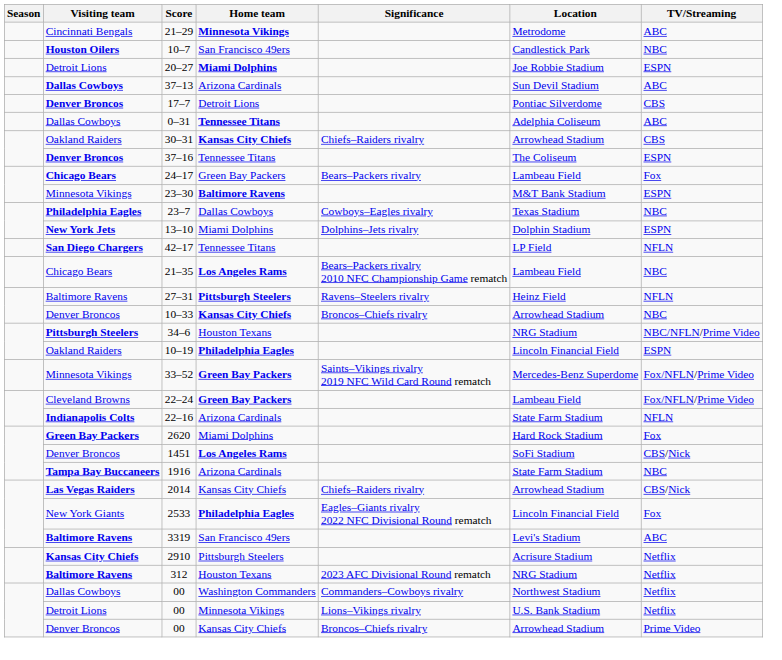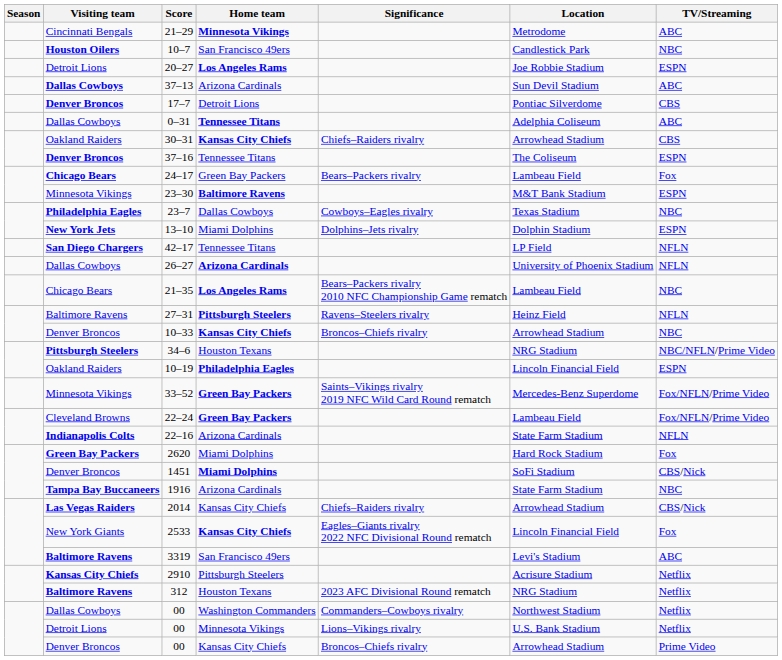 <table class="wikitable">
 <tr>
 <th>Season</th>
 <th>Visiting team</th>
 <th>Score</th>
 <th>Home team</th>
 <th>Significance</th>
 <th>Location</th>
 <th>TV/Streaming</th>
 </tr>
 <tr>
 <td align="center"></td>
 <td><a href='#'>Cincinnati Bengals</a></td>
 <td align="center">21–29</td>
 <td><strong><a href='#'>Minnesota Vikings</a></strong></td>
 <td></td>
 <td><a href='#'>Metrodome</a></td>
 <td><a href='#'>ABC</a></td>
 </tr>
 <tr>
 <td align="center"></td>
 <td><strong><a href='#'>Houston Oilers</a></strong></td>
 <td align="center">10–7</td>
 <td><a href='#'>San Francisco 49ers</a></td>
 <td></td>
 <td><a href='#'>Candlestick Park</a></td>
 <td><a href='#'>NBC</a></td>
 </tr>
 <tr>
 <td align="center"></td>
 <td><a href='#'>Detroit Lions</a></td>
 <td align="center">20–27</td>
-<td><strong><a href='#'>Miami Dolphins</a></strong></td>
+<td><strong><a href='#'>Los Angeles Rams</a></strong></td>
 <td></td>
 <td><a href='#'>Joe Robbie Stadium</a></td>
 <td><a href='#'>ESPN</a></td>
 </tr>
 <tr>
 <td align="center"></td>
 <td><strong><a href='#'>Dallas Cowboys</a></strong></td>
 <td align="center">37–13</td>
 <td><a href='#'>Arizona Cardinals</a></td>
 <td></td>
 <td><a href='#'>Sun Devil Stadium</a></td>
 <td><a href='#'>ABC</a></td>
 </tr>
 <tr>
 <td align="center"></td>
 <td><strong><a href='#'>Denver Broncos</a></strong></td>
 <td align="center">17–7</td>
 <td><a href='#'>Detroit Lions</a></td>
 <td></td>
 <td><a href='#'>Pontiac Silverdome</a></td>
 <td><a href='#'>CBS</a></td>
 </tr>
 <tr>
 <td align="center"></td>
 <td><a href='#'>Dallas Cowboys</a></td>
 <td align="center">0–31</td>
 <td><strong><a href='#'>Tennessee Titans</a></strong></td>
 <td></td>
 <td><a href='#'>Adelphia Coliseum</a></td>
 <td><a href='#'>ABC</a></td>
 </tr>
 <tr>
 <td rowspan="2" align="center"></td>
 <td><a href='#'>Oakland Raiders</a></td>
 <td align="center">30–31</td>
 <td><strong><a href='#'>Kansas City Chiefs</a></strong></td>
 <td><a href='#'>Chiefs–Raiders rivalry</a></td>
 <td><a href='#'>Arrowhead Stadium</a></td>
 <td><a href='#'>CBS</a></td>
 </tr>
 <tr>
 <td><strong><a href='#'>Denver Broncos</a></strong></td>
 <td align="center">37–16</td>
 <td><a href='#'>Tennessee Titans</a></td>
 <td></td>
 <td><a href='#'>The Coliseum</a></td>
 <td><a href='#'>ESPN</a></td>
 </tr>
 <tr>
 <td rowspan="2" align="center"></td>
 <td><strong><a href='#'>Chicago Bears</a></strong></td>
 <td align="center">24–17</td>
 <td><a href='#'>Green Bay Packers</a></td>
 <td><a href='#'>Bears–Packers rivalry</a></td>
 <td><a href='#'>Lambeau Field</a></td>
 <td><a href='#'>Fox</a></td>
 </tr>
 <tr>
 <td><a href='#'>Minnesota Vikings</a></td>
 <td align="center">23–30</td>
 <td><strong><a href='#'>Baltimore Ravens</a></strong></td>
 <td></td>
 <td><a href='#'>M&T Bank Stadium</a></td>
 <td><a href='#'>ESPN</a></td>
 </tr>
 <tr>
 <td rowspan="2" align="center"></td>
 <td><strong><a href='#'>Philadelphia Eagles</a></strong></td>
 <td align="center">23–7</td>
 <td><a href='#'>Dallas Cowboys</a></td>
 <td><a href='#'>Cowboys–Eagles rivalry</a></td>
 <td><a href='#'>Texas Stadium</a></td>
 <td><a href='#'>NBC</a></td>
 </tr>
 <tr>
 <td><strong><a href='#'>New York Jets</a></strong></td>
 <td align="center">13–10</td>
 <td><a href='#'>Miami Dolphins</a></td>
 <td><a href='#'>Dolphins–Jets rivalry</a></td>
 <td><a href='#'>Dolphin Stadium</a></td>
 <td><a href='#'>ESPN</a></td>
 </tr>
 <tr>
 <td align="center"></td>
 <td><strong><a href='#'>San Diego Chargers</a></strong></td>
 <td align="center">42–17</td>
 <td><a href='#'>Tennessee Titans</a></td>
 <td></td>
 <td><a href='#'>LP Field</a></td>
 <td><a href='#'>NFLN</a></td>
 </tr>
 <tr>
 <td align="center"></td>
+<td><a href='#'>Dallas Cowboys</a></td>
+<td align="center">26–27</td>
+<td><strong><a href='#'>Arizona Cardinals</a></strong></td>
+<td></td>
+<td><a href='#'>University of Phoenix Stadium</a></td>
+<td><a href='#'>NFLN</a></td>
+</tr>
+<tr>
+<td align="center"></td>
 <td><a href='#'>Chicago Bears</a></td>
 <td align="center">21–35</td>
 <td><strong><a href='#'>Los Angeles Rams</a></strong></td>
 <td><a href='#'>Bears–Packers rivalry</a><br><a href='#'>2010 NFC Championship Game</a> rematch</td>
 <td><a href='#'>Lambeau Field</a></td>
 <td><a href='#'>NBC</a></td>
 </tr>
 <tr>
 <td rowspan="2" align="center"></td>
 <td><a href='#'>Baltimore Ravens</a></td>
 <td align="center">27–31</td>
 <td><strong><a href='#'>Pittsburgh Steelers</a></strong></td>
 <td><a href='#'>Ravens–Steelers rivalry</a></td>
 <td><a href='#'>Heinz Field</a></td>
 <td><a href='#'>NFLN</a></td>
 </tr>
 <tr>
 <td><a href='#'>Denver Broncos</a></td>
 <td align="center">10–33</td>
 <td><strong><a href='#'>Kansas City Chiefs</a></strong></td>
 <td><a href='#'>Broncos–Chiefs rivalry</a></td>
 <td><a href='#'>Arrowhead Stadium</a></td>
 <td><a href='#'>NBC</a></td>
 </tr>
 <tr>
 <td rowspan="2" align="center"></td>
 <td><strong><a href='#'>Pittsburgh Steelers</a></strong></td>
 <td align="center">34–6</td>
 <td><a href='#'>Houston Texans</a></td>
 <td></td>
 <td><a href='#'>NRG Stadium</a></td>
 <td><a href='#'>NBC/NFLN</a>/<a href='#'>Prime Video</a><br></td>
 </tr>
 <tr>
 <td><a href='#'>Oakland Raiders</a></td>
 <td align="center">10–19</td>
 <td><strong><a href='#'>Philadelphia Eagles</a></strong></td>
 <td></td>
 <td><a href='#'>Lincoln Financial Field</a></td>
 <td><a href='#'>ESPN</a></td>
 </tr>
 <tr>
 <td align="center"></td>
 <td><a href='#'>Minnesota Vikings</a></td>
 <td align="center">33–52</td>
 <td><strong><a href='#'>Green Bay Packers</a></strong></td>
 <td><a href='#'>Saints–Vikings rivalry</a><br><a href='#'>2019 NFC Wild Card Round</a> rematch</td>
 <td><a href='#'>Mercedes-Benz Superdome</a></td>
 <td><a href='#'>Fox/NFLN</a>/<a href='#'>Prime Video</a></td>
 </tr>
 <tr>
 <td rowspan="2" align="center"></td>
 <td><a href='#'>Cleveland Browns</a></td>
 <td align="center">22–24</td>
 <td><strong><a href='#'>Green Bay Packers</a></strong></td>
 <td></td>
 <td><a href='#'>Lambeau Field</a></td>
 <td><a href='#'>Fox/NFLN</a>/<a href='#'>Prime Video</a></td>
 </tr>
 <tr>
 <td><strong><a href='#'>Indianapolis Colts</a></strong></td>
 <td align="center">22–16</td>
 <td><a href='#'>Arizona Cardinals</a></td>
 <td></td>
 <td><a href='#'>State Farm Stadium</a></td>
 <td><a href='#'>NFLN</a></td>
 </tr>
 <tr>
 <td rowspan="3" align="center"></td>
 <td><strong><a href='#'>Green Bay Packers</a></strong></td>
 <td align="center">2620</td>
 <td><a href='#'>Miami Dolphins</a></td>
 <td></td>
 <td><a href='#'>Hard Rock Stadium</a></td>
 <td><a href='#'>Fox</a></td>
 </tr>
 <tr>
 <td><a href='#'>Denver Broncos</a></td>
 <td align="center">1451</td>
-<td><strong><a href='#'>Los Angeles Rams</a></strong></td>
+<td><strong><a href='#'>Miami Dolphins</a></strong></td>
 <td></td>
 <td><a href='#'>SoFi Stadium</a></td>
 <td><a href='#'>CBS</a>/<a href='#'>Nick</a></td>
 </tr>
 <tr>
 <td><strong><a href='#'>Tampa Bay Buccaneers</a></strong></td>
 <td align="center">1916 </td>
 <td><a href='#'>Arizona Cardinals</a></td>
 <td></td>
 <td><a href='#'>State Farm Stadium</a></td>
 <td><a href='#'>NBC</a></td>
 </tr>
 <tr>
 <td rowspan="3" align="center"></td>
 <td><strong><a href='#'>Las Vegas Raiders</a></strong></td>
 <td align="center">2014</td>
 <td><a href='#'>Kansas City Chiefs</a></td>
 <td><a href='#'>Chiefs–Raiders rivalry</a></td>
 <td><a href='#'>Arrowhead Stadium</a></td>
 <td><a href='#'>CBS</a>/<a href='#'>Nick</a></td>
 </tr>
 <tr>
 <td><a href='#'>New York Giants</a></td>
 <td align="center">2533</td>
-<td><strong><a href='#'>Philadelphia Eagles</a></strong></td>
+<td><strong><a href='#'>Kansas City Chiefs</a></strong></td>
 <td><a href='#'>Eagles–Giants rivalry</a><br><a href='#'>2022 NFC Divisional Round</a> rematch</td>
 <td><a href='#'>Lincoln Financial Field</a></td>
 <td><a href='#'>Fox</a></td>
 </tr>
 <tr>
 <td><strong><a href='#'>Baltimore Ravens</a></strong></td>
 <td align="center">3319</td>
 <td><a href='#'>San Francisco 49ers</a></td>
 <td></td>
 <td><a href='#'>Levi's Stadium</a></td>
 <td><a href='#'>ABC</a></td>
 </tr>
 <tr>
 <td rowspan="2" align="center"></td>
 <td><a href='#'><strong>Kansas City Chiefs</strong></a></td>
 <td align="center">2910</td>
 <td><a href='#'>Pittsburgh Steelers</a></td>
 <td></td>
 <td><a href='#'>Acrisure Stadium</a></td>
 <td><a href='#'>Netflix</a></td>
 </tr>
 <tr>
 <td><a href='#'><strong>Baltimore Ravens</strong></a></td>
 <td align="center">312</td>
 <td><a href='#'>Houston Texans</a></td>
 <td><a href='#'>2023 AFC Divisional Round</a> rematch</td>
 <td><a href='#'>NRG Stadium</a></td>
 <td><a href='#'>Netflix</a></td>
 </tr>
 <tr>
 <td rowspan="3" align="center"></td>
 <td><a href='#'>Dallas Cowboys</a></td>
 <td align="center">00</td>
 <td><a href='#'>Washington Commanders</a></td>
 <td><a href='#'>Commanders–Cowboys rivalry</a></td>
 <td><a href='#'>Northwest Stadium</a></td>
 <td><a href='#'>Netflix</a></td>
 </tr>
 <tr>
 <td><a href='#'>Detroit Lions</a></td>
 <td align="center">00</td>
 <td><a href='#'>Minnesota Vikings</a></td>
 <td><a href='#'>Lions–Vikings rivalry</a></td>
 <td><a href='#'>U.S. Bank Stadium</a></td>
 <td><a href='#'>Netflix</a></td>
 </tr>
 <tr>
 <td><a href='#'>Denver Broncos</a></td>
 <td align="center">00</td>
 <td><a href='#'>Kansas City Chiefs</a></td>
 <td><a href='#'>Broncos–Chiefs rivalry</a></td>
 <td><a href='#'>Arrowhead Stadium</a></td>
 <td><a href='#'>Prime Video</a></td>
 </tr>
 </table>
